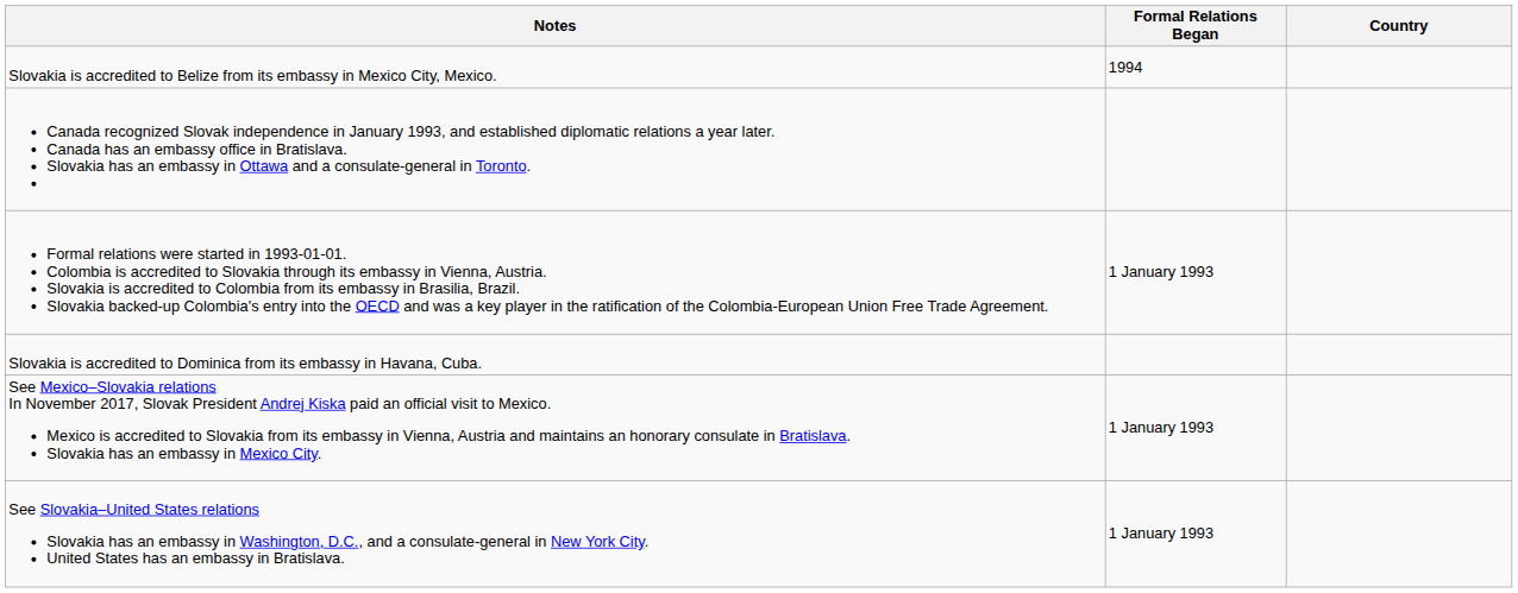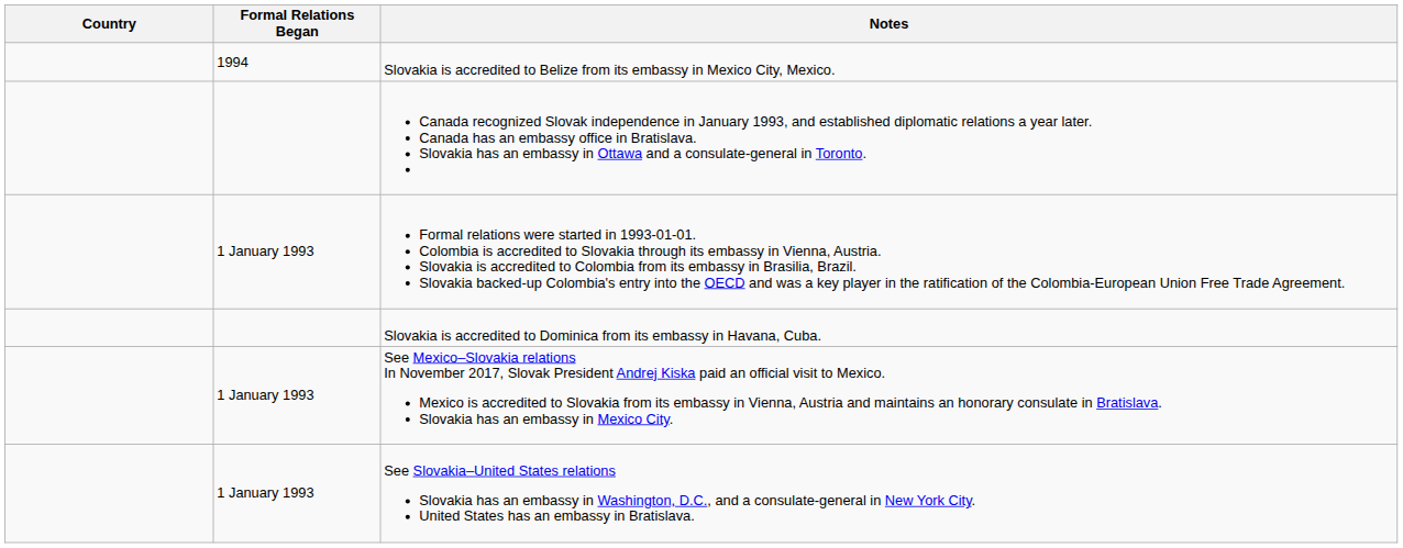 <table class="wikitable sortable" border="1" style="width:100%; margin:auto;">
 <tr>
+<th width="15%">Country</th>
+<th width="12%">Formal Relations Began</th>
 <th>Notes</th>
-<th width="12%">Formal Relations Began</th>
-<th width="15%">Country</th>
 </tr>
 <tr -valign="top">
+<td></td>
+<td>1994</td>
 <td><br>Slovakia is accredited to Belize from its embassy in Mexico City, Mexico.</td>
-<td>1994</td>
-<td></td>
 </tr>
 <tr valign="top">
-<td><br><ul><li>Canada recognized Slovak independence in January 1993, and established diplomatic relations a year later.</li><li>Canada has an embassy office in Bratislava.</li><li>Slovakia has an embassy in <a href='#'>Ottawa</a> and a consulate-general in <a href='#'>Toronto</a>.</li><li></li></ul></td>
 <td></td>
 <td></td>
+<td><br><ul><li>Canada recognized Slovak independence in January 1993, and established diplomatic relations a year later.</li><li>Canada has an embassy office in Bratislava.</li><li>Slovakia has an embassy in <a href='#'>Ottawa</a> and a consulate-general in <a href='#'>Toronto</a>.</li><li></li></ul></td>
 </tr>
 <tr -valign="top">
+<td></td>
+<td>1 January 1993</td>
 <td><br><ul><li>Formal relations were started in 1993-01-01.</li><li>Colombia is accredited to Slovakia through its embassy in Vienna, Austria.</li><li>Slovakia is accredited to Colombia from its embassy in Brasilia, Brazil.</li><li>Slovakia backed-up Colombia's entry into the <a href='#'>OECD</a> and was a key player in the ratification of the Colombia-European Union Free Trade Agreement.</li></ul></td>
-<td>1 January 1993</td>
-<td></td>
 </tr>
 <tr -valign="top">
-<td><br>Slovakia is accredited to Dominica from its embassy in Havana, Cuba.</td>
 <td></td>
 <td></td>
+<td><br>Slovakia is accredited to Dominica from its embassy in Havana, Cuba.</td>
 </tr>
 <tr -valign="top">
+<td></td>
+<td>1 January 1993</td>
 <td>See <a href='#'>Mexico–Slovakia relations</a><br>In November 2017, Slovak President <a href='#'>Andrej Kiska</a> paid an official visit to Mexico.<ul><li>Mexico is accredited to Slovakia from its embassy in Vienna, Austria and maintains an honorary consulate in <a href='#'>Bratislava</a>.</li><li>Slovakia has an embassy in <a href='#'>Mexico City</a>.</li></ul></td>
-<td>1 January 1993</td>
-<td></td>
 </tr>
 <tr -valign="top">
+<td></td>
+<td>1 January 1993</td>
 <td><br>See <a href='#'>Slovakia–United States relations</a><ul><li>Slovakia has an embassy in <a href='#'>Washington, D.C.</a>, and a consulate-general in <a href='#'>New York City</a>.</li><li>United States has an embassy in Bratislava.</li></ul></td>
-<td>1 January 1993</td>
-<td></td>
 </tr>
 </table>
